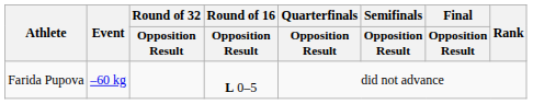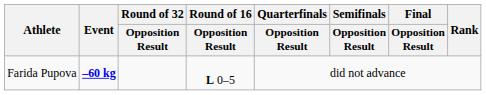 <table class=wikitable style=font-size:90%;text-align:center>
 <tr>
 <th rowspan="2">Athlete</th>
 <th rowspan="2">Event</th>
 <th>Round of 32</th>
 <th>Round of 16</th>
 <th>Quarterfinals</th>
 <th>Semifinals</th>
 <th>Final</th>
 <th rowspan=2>Rank</th>
 </tr>
 <tr style="font-size:95%">
 <th>Opposition<br>Result</th>
 <th>Opposition<br>Result</th>
 <th>Opposition<br>Result</th>
 <th>Opposition<br>Result</th>
 <th>Opposition<br>Result</th>
 </tr>
 <tr>
 <td align=left>Farida Pupova</td>
-<td align=left><a href='#'>–60 kg</a></td>
+<td align=left><strong><a href='#'>–60 kg</a></strong></td>
 <td></td>
 <td><br><strong>L</strong> 0–5</td>
 <td colspan=4>did not advance</td>
 </tr>
 </table>
